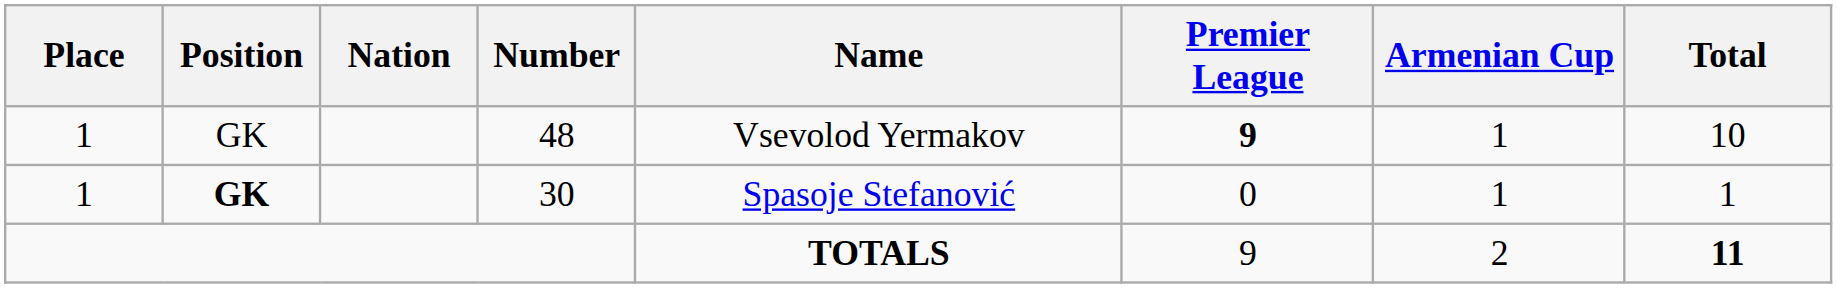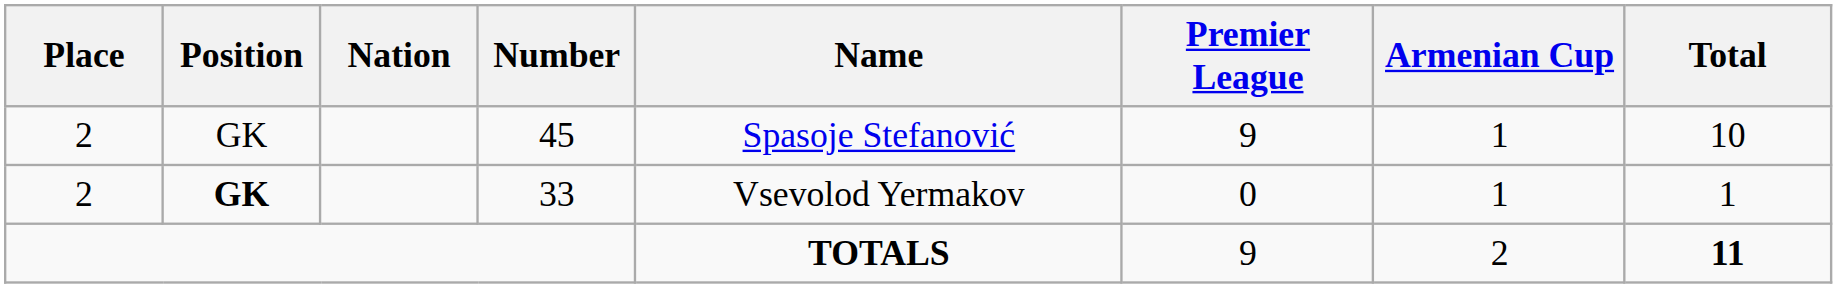 <table class="wikitable" style="font-size: 95%; text-align: center;">
 <tr>
 <th width=60>Place</th>
 <th width=60>Position</th>
 <th width=60>Nation</th>
 <th width=60>Number</th>
 <th width=200>Name</th>
 <th width=100><a href='#'>Premier League</a></th>
 <th width=100><a href='#'>Armenian Cup</a></th>
 <th width=80><strong>Total</strong></th>
 </tr>
 <tr>
-<td>1</td>
+<td>2</td>
 <td>GK</td>
 <td></td>
-<td>48</td>
-<td>Vsevolod Yermakov</td>
-<td><strong>9</strong></td>
+<td>45</td>
+<td><a href='#'>Spasoje Stefanović</a></td>
+<td>9</td>
 <td>1</td>
 <td>10</td>
 </tr>
 <tr>
-<td>1</td>
+<td>2</td>
 <td><strong>GK</strong></td>
 <td></td>
-<td>30</td>
-<td><a href='#'>Spasoje Stefanović</a></td>
+<td>33</td>
+<td>Vsevolod Yermakov</td>
 <td>0</td>
 <td>1</td>
 <td>1</td>
 </tr>
 <tr>
 <td colspan="4"></td>
 <td><strong>TOTALS</strong></td>
 <td>9</td>
 <td>2</td>
 <td><strong>11</strong></td>
 </tr>
 </table>
